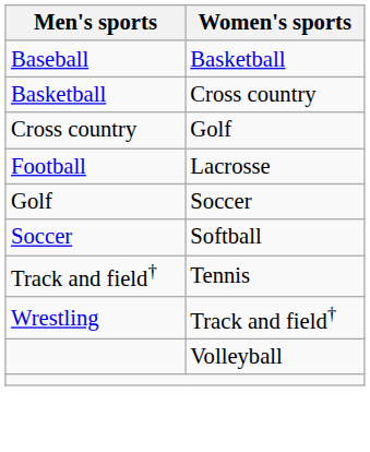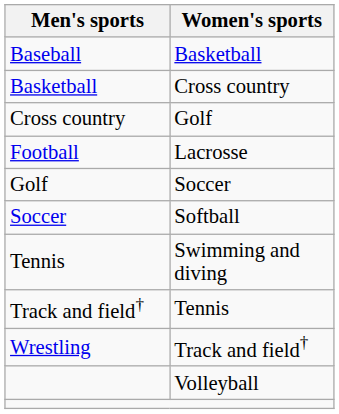 <table class="wikitable" style="float:right; clear:right; margin:0 0 1em 1em;">
 <tr>
 <th width=120px>Men's sports</th>
 <th width=120px>Women's sports</th>
 </tr>
 <tr>
 <td><a href='#'>Baseball</a></td>
 <td><a href='#'>Basketball</a></td>
 </tr>
 <tr>
 <td><a href='#'>Basketball</a></td>
 <td>Cross country</td>
 </tr>
 <tr>
 <td>Cross country</td>
 <td>Golf</td>
 </tr>
 <tr>
 <td><a href='#'>Football</a></td>
 <td>Lacrosse</td>
 </tr>
 <tr>
 <td>Golf</td>
 <td>Soccer</td>
 </tr>
 <tr>
 <td><a href='#'>Soccer</a></td>
 <td>Softball</td>
 </tr>
 <tr>
+<td>Tennis</td>
+<td>Swimming and diving</td>
+</tr>
+<tr>
 <td>Track and field<sup>†</sup></td>
 <td>Tennis</td>
 </tr>
 <tr>
 <td><a href='#'>Wrestling</a></td>
 <td>Track and field<sup>†</sup></td>
 </tr>
 <tr>
 <td></td>
 <td>Volleyball</td>
 </tr>
 <tr>
 <td colspan="2"></td>
 </tr>
 </table>
